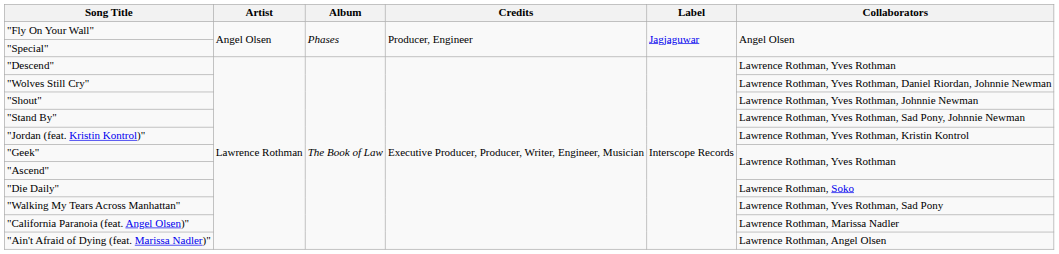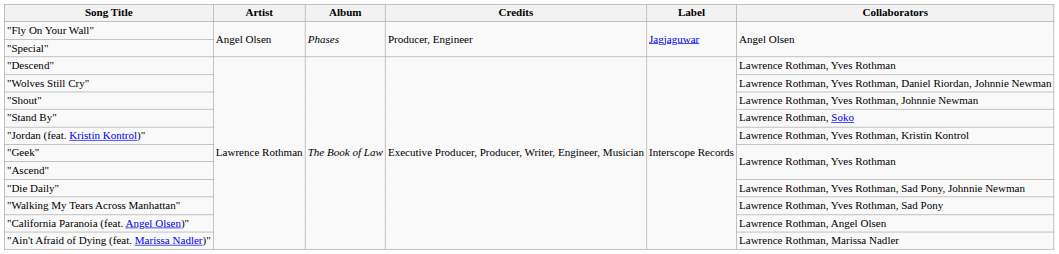 <table class="wikitable">
 <tr>
 <th>Song Title</th>
 <th>Artist</th>
 <th>Album</th>
 <th>Credits</th>
 <th>Label</th>
 <th>Collaborators</th>
 </tr>
 <tr>
 <td>"Fly On Your Wall"</td>
 <td rowspan="2">Angel Olsen</td>
 <td rowspan="2"><em>Phases</em></td>
 <td rowspan="2">Producer, Engineer</td>
 <td rowspan="2"><a href='#'>Jagjaguwar</a></td>
 <td rowspan="2">Angel Olsen</td>
 </tr>
 <tr>
 <td>"Special"</td>
 </tr>
 <tr>
 <td>"Descend"</td>
 <td rowspan="11">Lawrence Rothman</td>
 <td rowspan="11"><em>The Book of Law</em></td>
 <td rowspan="11">Executive Producer, Producer, Writer, Engineer, Musician</td>
 <td rowspan="11">Interscope Records</td>
 <td>Lawrence Rothman, Yves Rothman</td>
 </tr>
 <tr>
 <td>"Wolves Still Cry"</td>
 <td>Lawrence Rothman, Yves Rothman, Daniel Riordan, Johnnie Newman</td>
 </tr>
 <tr>
 <td>"Shout"</td>
 <td>Lawrence Rothman, Yves Rothman, Johnnie Newman</td>
 </tr>
 <tr>
 <td>"Stand By"</td>
-<td>Lawrence Rothman, Yves Rothman, Sad Pony, Johnnie Newman</td>
+<td>Lawrence Rothman, <a href='#'>Soko</a></td>
 </tr>
 <tr>
 <td>"Jordan (feat. <a href='#'>Kristin Kontrol</a>)"</td>
 <td>Lawrence Rothman, Yves Rothman, Kristin Kontrol</td>
 </tr>
 <tr>
 <td>"Geek"</td>
 <td rowspan="2">Lawrence Rothman, Yves Rothman</td>
 </tr>
 <tr>
 <td>"Ascend"</td>
 </tr>
 <tr>
 <td>"Die Daily"</td>
-<td>Lawrence Rothman, <a href='#'>Soko</a></td>
+<td>Lawrence Rothman, Yves Rothman, Sad Pony, Johnnie Newman</td>
 </tr>
 <tr>
 <td>"Walking My Tears Across Manhattan"</td>
 <td>Lawrence Rothman, Yves Rothman, Sad Pony</td>
 </tr>
 <tr>
 <td>"California Paranoia (feat. <a href='#'>Angel Olsen</a>)"</td>
-<td>Lawrence Rothman, Marissa Nadler</td>
+<td>Lawrence Rothman, Angel Olsen</td>
 </tr>
 <tr>
 <td>"Ain't Afraid of Dying (feat. <a href='#'>Marissa Nadler</a>)"</td>
-<td>Lawrence Rothman, Angel Olsen</td>
+<td>Lawrence Rothman, Marissa Nadler</td>
 </tr>
 </table>
